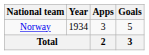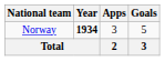 <table class="wikitable" style="text-align:center">
 <tr>
 <th>National team</th>
 <th>Year</th>
 <th>Apps</th>
 <th>Goals</th>
 </tr>
 <tr>
 <td><a href='#'>Norway</a></td>
-<td>1934</td>
+<td><strong>1934</strong></td>
 <td>3</td>
 <td>5</td>
 </tr>
 <tr>
 <th colspan=2>Total</th>
 <th>2</th>
 <th>3</th>
 </tr>
 </table>
